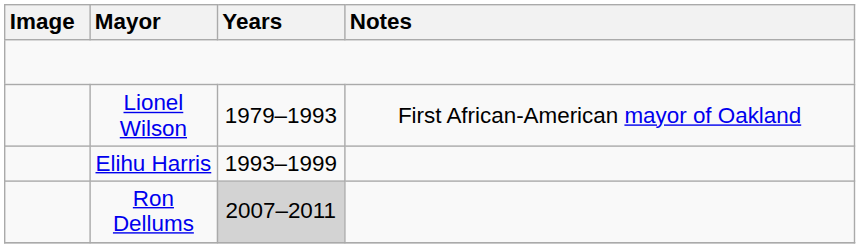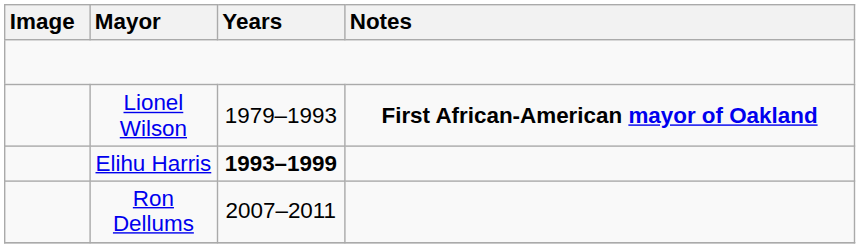 <table class="wikitable" style="text-align:center">
 <tr>
 <th style="text-align:left; width:10%;">Image</th>
 <th style="text-align:left; width:15%;">Mayor</th>
 <th style="text-align:left; width:15%;">Years</th>
 <th style="text-align:left; width:60%;">Notes</th>
 </tr>
 <tr style="height:2em">
 </tr>
 <tr>
 <td></td>
 <td><a href='#'>Lionel Wilson</a></td>
 <td>1979–1993</td>
-<td>First African-American <a href='#'>mayor of Oakland</a></td>
+<td><strong>First African-American <a href='#'>mayor of Oakland</a></strong></td>
 </tr>
 <tr>
 <td></td>
 <td><a href='#'>Elihu Harris</a></td>
-<td>1993–1999</td>
+<td><strong>1993–1999</strong></td>
 <td></td>
 </tr>
 <tr>
 <td></td>
 <td><a href='#'>Ron Dellums</a></td>
-<td style="background: lightgrey;">2007–2011</td>
+<td>2007–2011</td>
 <td></td>
 </tr>
 <tr>
 </tr>
 </table>
